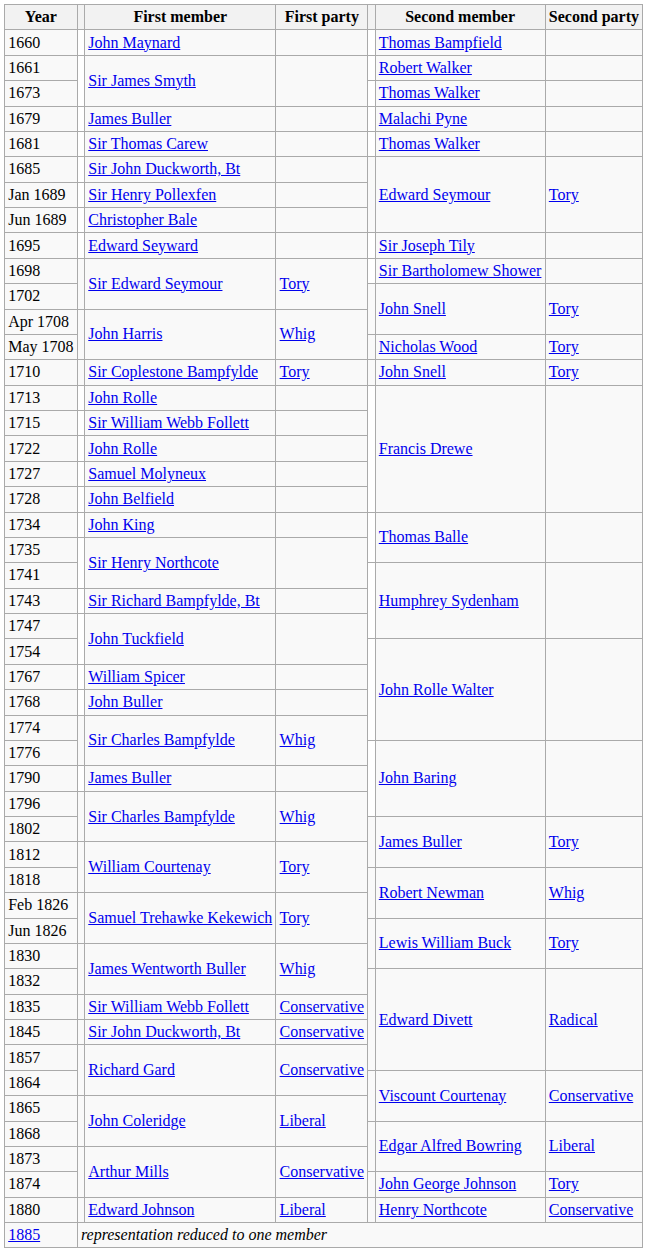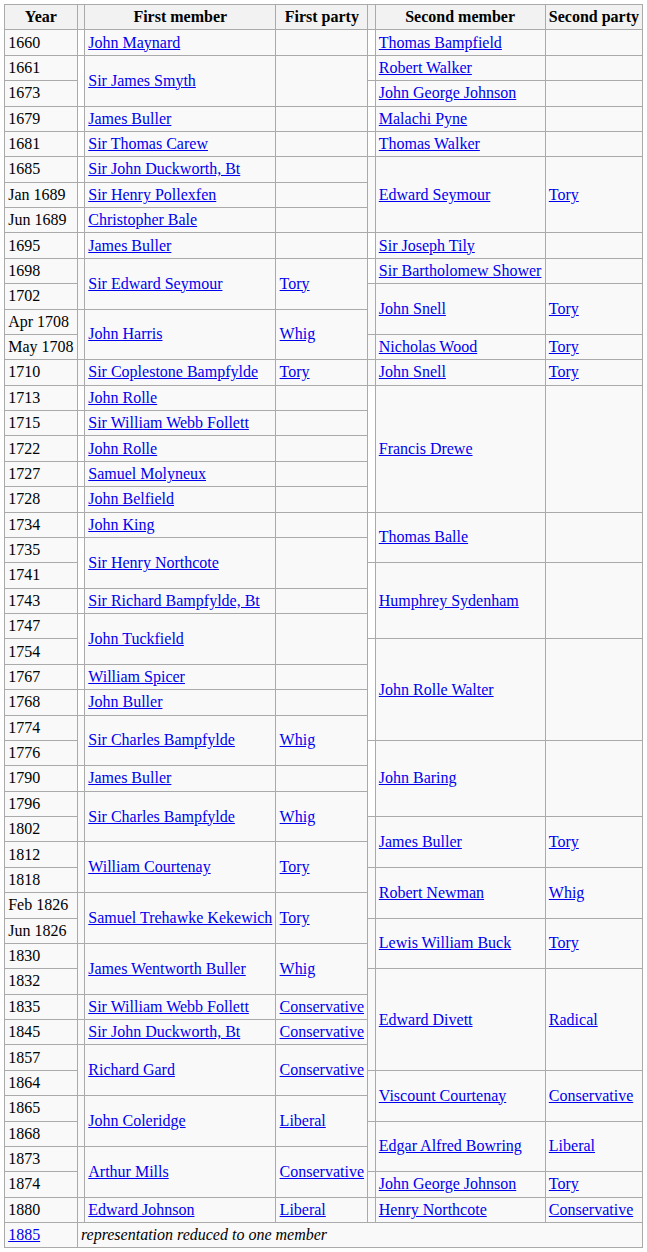 <table class="wikitable">
 <tr>
 <th>Year</th>
 <th></th>
 <th>First member</th>
 <th>First party</th>
 <th></th>
 <th>Second member</th>
 <th>Second party</th>
 </tr>
 <tr>
 <td>1660</td>
 <td style="color:inherit;background-color: white"></td>
 <td><a href='#'>John Maynard</a></td>
 <td> </td>
 <td style="color:inherit;background-color: white"></td>
 <td><a href='#'>Thomas Bampfield</a></td>
 <td></td>
 </tr>
 <tr>
 <td>1661</td>
 <td rowspan="2" style="color:inherit;background-color: white"></td>
 <td rowspan="2"><a href='#'>Sir James Smyth</a></td>
 <td rowspan="2"> </td>
 <td style="color:inherit;background-color: white"></td>
 <td><a href='#'>Robert Walker</a></td>
 <td> </td>
 </tr>
 <tr>
 <td>1673</td>
 <td style="color:inherit;background-color: white"></td>
-<td><a href='#'>Thomas Walker</a></td>
+<td><a href='#'>John George Johnson</a></td>
 <td></td>
 </tr>
 <tr>
 <td>1679</td>
 <td style="color:inherit;background-color: white"></td>
 <td><a href='#'>James Buller</a></td>
 <td></td>
 <td style="color:inherit;background-color: white"></td>
 <td><a href='#'>Malachi Pyne</a></td>
 <td></td>
 </tr>
 <tr>
 <td>1681</td>
 <td style="color:inherit;background-color: white"></td>
 <td><a href='#'>Sir Thomas Carew</a></td>
 <td> </td>
 <td style="color:inherit;background-color: white"></td>
 <td><a href='#'>Thomas Walker</a></td>
 <td></td>
 </tr>
 <tr>
 <td>1685</td>
 <td style="color:inherit;background-color: white"></td>
 <td><a href='#'>Sir John Duckworth, Bt</a></td>
 <td></td>
 <td rowspan="3" style="color:inherit;background-color: "></td>
 <td rowspan="3"><a href='#'>Edward Seymour</a></td>
 <td rowspan="3"><a href='#'>Tory</a> </td>
 </tr>
 <tr>
 <td>Jan 1689</td>
 <td style="color:inherit;background-color: white"></td>
 <td><a href='#'>Sir Henry Pollexfen</a></td>
 <td>    </td>
 </tr>
 <tr>
 <td>Jun 1689</td>
 <td style="color:inherit;background-color: white"></td>
 <td><a href='#'>Christopher Bale</a></td>
 <td></td>
 </tr>
 <tr>
 <td>1695</td>
 <td style="color:inherit;background-color: white"></td>
-<td><a href='#'>Edward Seyward</a></td>
+<td><a href='#'>James Buller</a></td>
 <td></td>
 <td style="color:inherit;background-color: white"></td>
 <td><a href='#'>Sir Joseph Tily</a></td>
 <td></td>
 </tr>
 <tr>
 <td>1698</td>
 <td rowspan="2" style="color:inherit;background-color: "></td>
 <td rowspan="2"><a href='#'>Sir Edward Seymour</a></td>
 <td rowspan="2"><a href='#'>Tory</a> </td>
 <td style="color:inherit;background-color: white"></td>
 <td><a href='#'>Sir Bartholomew Shower</a></td>
 <td> </td>
 </tr>
 <tr>
 <td>1702</td>
 <td rowspan="2" style="color:inherit;background-color: "></td>
 <td rowspan="2"><a href='#'>John Snell</a></td>
 <td rowspan="2"><a href='#'>Tory</a></td>
 </tr>
 <tr>
 <td>Apr 1708</td>
 <td rowspan="2" style="color:inherit;background-color: "></td>
 <td rowspan="2"><a href='#'>John Harris</a></td>
 <td rowspan="2"><a href='#'>Whig</a></td>
 </tr>
 <tr>
 <td>May 1708</td>
 <td style="color:inherit;background-color: "></td>
 <td><a href='#'>Nicholas Wood</a></td>
 <td><a href='#'>Tory</a></td>
 </tr>
 <tr>
 <td>1710</td>
 <td style="color:inherit;background-color: "></td>
 <td><a href='#'>Sir Coplestone Bampfylde</a></td>
 <td><a href='#'>Tory</a></td>
 <td style="color:inherit;background-color: "></td>
 <td><a href='#'>John Snell</a></td>
 <td><a href='#'>Tory</a></td>
 </tr>
 <tr>
 <td>1713</td>
 <td style="color:inherit;background-color: white"></td>
 <td><a href='#'>John Rolle</a></td>
 <td> </td>
 <td rowspan="5" style="color:inherit;background-color: white"></td>
 <td rowspan="5"><a href='#'>Francis Drewe</a></td>
 <td rowspan="5"></td>
 </tr>
 <tr>
 <td>1715</td>
 <td style="color:inherit;background-color: white"></td>
 <td><a href='#'>Sir William Webb Follett</a></td>
 <td></td>
 </tr>
 <tr>
 <td>1722</td>
 <td style="color:inherit;background-color: white"></td>
 <td><a href='#'>John Rolle</a></td>
 <td></td>
 </tr>
 <tr>
 <td>1727</td>
 <td style="color:inherit;background-color: white"></td>
 <td><a href='#'>Samuel Molyneux</a></td>
 <td></td>
 </tr>
 <tr>
 <td>1728</td>
 <td style="color:inherit;background-color: white"></td>
 <td><a href='#'>John Belfield</a></td>
 <td></td>
 </tr>
 <tr>
 <td>1734</td>
 <td style="color:inherit;background-color: white"></td>
 <td><a href='#'>John King</a></td>
 <td></td>
 <td rowspan="2" style="color:inherit;background-color: white"></td>
 <td rowspan="2"><a href='#'>Thomas Balle</a></td>
 <td rowspan="2"></td>
 </tr>
 <tr>
 <td>1735</td>
 <td rowspan="2" style="color:inherit;background-color: white"></td>
 <td rowspan="2"><a href='#'>Sir Henry Northcote</a></td>
 <td rowspan="2"></td>
 </tr>
 <tr>
 <td>1741</td>
 <td rowspan="3" style="color:inherit;background-color: white"></td>
 <td rowspan="3"><a href='#'>Humphrey Sydenham</a></td>
 <td rowspan="3"> </td>
 </tr>
 <tr>
 <td>1743</td>
 <td style="color:inherit;background-color: white"></td>
 <td><a href='#'>Sir Richard Bampfylde, Bt</a></td>
 <td></td>
 </tr>
 <tr>
 <td>1747</td>
 <td rowspan="2" style="color:inherit;background-color: white"></td>
 <td rowspan="2"><a href='#'>John Tuckfield</a></td>
 <td rowspan="2"></td>
 </tr>
 <tr>
 <td>1754</td>
 <td rowspan="4" style="color:inherit;background-color: white"></td>
 <td rowspan="4"><a href='#'>John Rolle Walter</a></td>
 <td rowspan="4"> </td>
 </tr>
 <tr>
 <td>1767</td>
 <td style="color:inherit;background-color: white"></td>
 <td><a href='#'>William Spicer</a></td>
 <td></td>
 </tr>
 <tr>
 <td>1768</td>
 <td style="color:inherit;background-color: white"></td>
 <td><a href='#'>John Buller</a></td>
 <td></td>
 </tr>
 <tr>
 <td>1774</td>
 <td rowspan="2" style="color:inherit;background-color: "></td>
 <td rowspan="2"><a href='#'>Sir Charles Bampfylde</a></td>
 <td rowspan="2"><a href='#'>Whig</a> </td>
 </tr>
 <tr>
 <td>1776</td>
 <td rowspan="3" style="color:inherit;background-color: white"></td>
 <td rowspan="3"><a href='#'>John Baring</a></td>
 <td rowspan="3"> </td>
 </tr>
 <tr>
 <td>1790</td>
 <td style="color:inherit;background-color: white"></td>
 <td><a href='#'>James Buller</a></td>
 <td></td>
 </tr>
 <tr>
 <td>1796</td>
 <td rowspan="2" style="color:inherit;background-color: "></td>
 <td rowspan="2"><a href='#'>Sir Charles Bampfylde</a></td>
 <td rowspan="2"><a href='#'>Whig</a> </td>
 </tr>
 <tr>
 <td>1802</td>
 <td rowspan="2" style="color:inherit;background-color: "></td>
 <td rowspan="2"><a href='#'>James Buller</a></td>
 <td rowspan="2"><a href='#'>Tory</a></td>
 </tr>
 <tr>
 <td>1812</td>
 <td rowspan="2" style="color:inherit;background-color: "></td>
 <td rowspan="2"><a href='#'>William Courtenay</a></td>
 <td rowspan="2"><a href='#'>Tory</a>   </td>
 </tr>
 <tr>
 <td>1818</td>
 <td rowspan="2" style="color:inherit;background-color: "></td>
 <td rowspan="2"><a href='#'>Robert Newman</a></td>
 <td rowspan="2"><a href='#'>Whig</a>  </td>
 </tr>
 <tr>
 <td>Feb 1826</td>
 <td rowspan="2" style="color:inherit;background-color: "></td>
 <td rowspan="2"><a href='#'>Samuel Trehawke Kekewich</a></td>
 <td rowspan="2"><a href='#'>Tory</a> </td>
 </tr>
 <tr>
 <td>Jun 1826</td>
 <td rowspan="2" style="color:inherit;background-color: "></td>
 <td rowspan="2"><a href='#'>Lewis William Buck</a></td>
 <td rowspan="2"><a href='#'>Tory</a> </td>
 </tr>
 <tr>
 <td>1830</td>
 <td rowspan="2" style="color:inherit;background-color: "></td>
 <td rowspan="2"><a href='#'>James Wentworth Buller</a></td>
 <td rowspan="2"><a href='#'>Whig</a>   </td>
 </tr>
 <tr>
 <td>1832</td>
 <td rowspan="4" style="color:inherit;background-color: "></td>
 <td rowspan="4"><a href='#'>Edward Divett</a></td>
 <td rowspan="4"><a href='#'>Radical</a> </td>
 </tr>
 <tr>
 <td>1835</td>
 <td style="color:inherit;background-color: "></td>
 <td><a href='#'>Sir William Webb Follett</a></td>
 <td><a href='#'>Conservative</a> </td>
 </tr>
 <tr>
 <td>1845</td>
 <td style="color:inherit;background-color: "></td>
 <td><a href='#'>Sir John Duckworth, Bt</a></td>
 <td><a href='#'>Conservative</a> </td>
 </tr>
 <tr>
 <td>1857</td>
 <td rowspan="2" style="color:inherit;background-color: "></td>
 <td rowspan="2"><a href='#'>Richard Gard</a></td>
 <td rowspan="2"><a href='#'>Conservative</a></td>
 </tr>
 <tr>
 <td>1864</td>
 <td rowspan="2" style="color:inherit;background-color: "></td>
 <td rowspan="2"><a href='#'>Viscount Courtenay</a></td>
 <td rowspan="2"><a href='#'>Conservative</a> </td>
 </tr>
 <tr>
 <td>1865</td>
 <td rowspan="2" style="color:inherit;background-color: "></td>
 <td rowspan="2"><a href='#'>John Coleridge</a></td>
 <td rowspan="2"><a href='#'>Liberal</a></td>
 </tr>
 <tr>
 <td>1868</td>
 <td rowspan="2" style="color:inherit;background-color: "></td>
 <td rowspan="2"><a href='#'>Edgar Alfred Bowring</a></td>
 <td rowspan="2"><a href='#'>Liberal</a> </td>
 </tr>
 <tr>
 <td>1873</td>
 <td rowspan="2" style="color:inherit;background-color: "></td>
 <td rowspan="2"><a href='#'>Arthur Mills</a></td>
 <td rowspan="2"><a href='#'>Conservative</a> </td>
 </tr>
 <tr>
 <td>1874</td>
 <td style="color:inherit;background-color: "></td>
 <td><a href='#'>John George Johnson</a></td>
 <td><a href='#'>Tory</a></td>
 </tr>
 <tr>
 <td>1880</td>
 <td style="color:inherit;background-color: "></td>
 <td><a href='#'>Edward Johnson</a></td>
 <td><a href='#'>Liberal</a></td>
 <td style="color:inherit;background-color: "></td>
 <td><a href='#'>Henry Northcote</a></td>
 <td><a href='#'>Conservative</a></td>
 </tr>
 <tr>
 <td><a href='#'>1885</a></td>
 <td colspan="6"><em>representation reduced to one member</em></td>
 </tr>
 </table>
